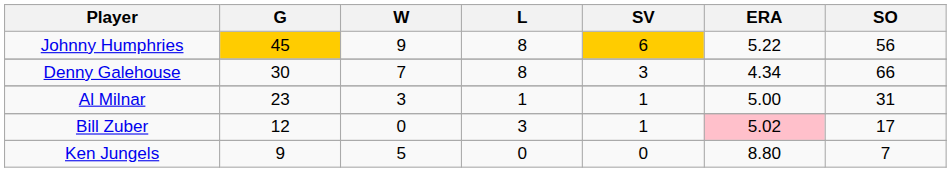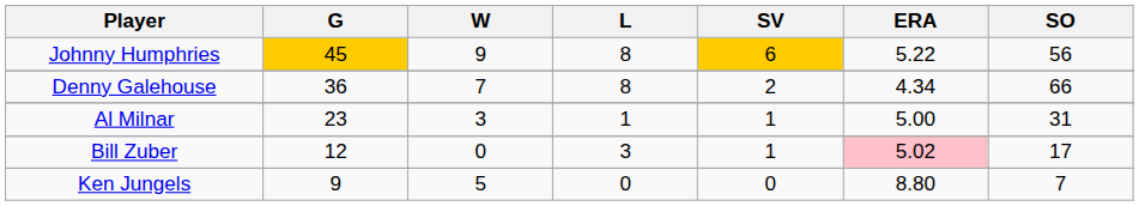 <table class="wikitable sortable">
 <tr>
 <th bgcolor="#DDDDFF" width="16%">Player</th>
 <th bgcolor="#DDDDFF" width="9%">G</th>
 <th bgcolor="#DDDDFF" width="9%">W</th>
 <th bgcolor="#DDDDFF" width="9%">L</th>
 <th bgcolor="#DDDDFF" width="9%">SV</th>
 <th bgcolor="#DDDDFF" width="9%">ERA</th>
 <th bgcolor="#DDDDFF" width="9%">SO</th>
 </tr>
 <tr align="center">
 <td><a href='#'>Johnny Humphries</a></td>
 <td style="background:#fc0;">45</td>
 <td>9</td>
 <td>8</td>
 <td style="background:#fc0;">6</td>
 <td>5.22</td>
 <td>56</td>
 </tr>
 <tr>
 </tr>
 <tr align="center">
 <td><a href='#'>Denny Galehouse</a></td>
-<td>30</td>
+<td>36</td>
 <td>7</td>
 <td>8</td>
-<td>3</td>
+<td>2</td>
 <td>4.34</td>
 <td>66</td>
 </tr>
 <tr>
 </tr>
 <tr align="center">
 <td><a href='#'>Al Milnar</a></td>
 <td>23</td>
 <td>3</td>
 <td>1</td>
 <td>1</td>
 <td>5.00</td>
 <td>31</td>
 </tr>
 <tr>
 </tr>
 <tr align="center">
 <td><a href='#'>Bill Zuber</a></td>
 <td>12</td>
 <td>0</td>
 <td>3</td>
 <td>1</td>
 <td style="background: pink;">5.02</td>
 <td>17</td>
 </tr>
 <tr>
 </tr>
 <tr align="center">
 <td><a href='#'>Ken Jungels</a></td>
 <td>9</td>
 <td>5</td>
 <td>0</td>
 <td>0</td>
 <td>8.80</td>
 <td>7</td>
 </tr>
 </table>
